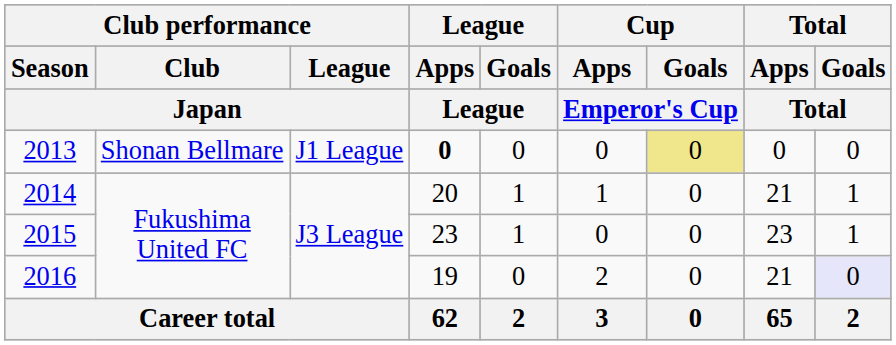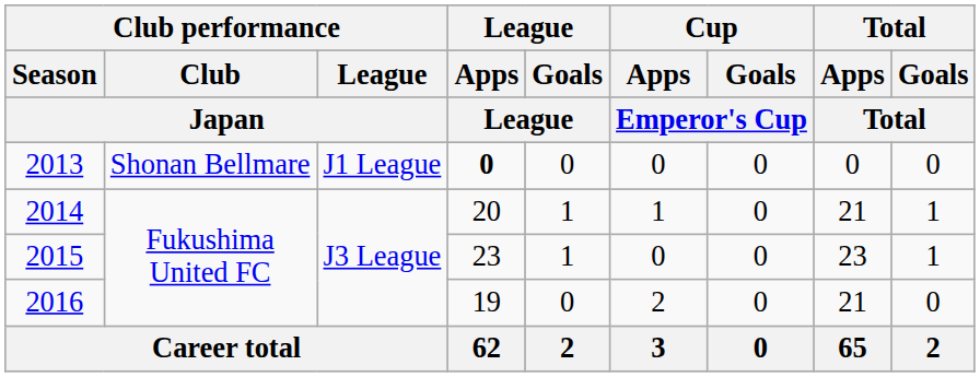 <table class="wikitable" style="text-align:center">
 <tr>
 <th colspan=3>Club performance</th>
 <th colspan=2>League</th>
 <th colspan=2>Cup</th>
 <th colspan=2>Total</th>
 </tr>
 <tr>
 <th>Season</th>
 <th>Club</th>
 <th>League</th>
 <th>Apps</th>
 <th>Goals</th>
 <th>Apps</th>
 <th>Goals</th>
 <th>Apps</th>
 <th>Goals</th>
 </tr>
 <tr>
 <th colspan=3>Japan</th>
 <th colspan=2>League</th>
 <th colspan=2><a href='#'>Emperor's Cup</a></th>
 <th colspan=2>Total</th>
 </tr>
 <tr>
 <td><a href='#'>2013</a></td>
 <td><a href='#'>Shonan Bellmare</a></td>
 <td><a href='#'>J1 League</a></td>
 <td><strong>0</strong></td>
 <td>0</td>
 <td>0</td>
-<td style="background: khaki;">0</td>
+<td>0</td>
 <td>0</td>
 <td>0</td>
 </tr>
 <tr>
 <td><a href='#'>2014</a></td>
 <td rowspan="3"><a href='#'>Fukushima<br>United FC</a></td>
 <td rowspan="3"><a href='#'>J3 League</a></td>
 <td>20</td>
 <td>1</td>
 <td>1</td>
 <td>0</td>
 <td>21</td>
 <td>1</td>
 </tr>
 <tr>
 <td><a href='#'>2015</a></td>
 <td>23</td>
 <td>1</td>
 <td>0</td>
 <td>0</td>
 <td>23</td>
 <td>1</td>
 </tr>
 <tr>
 <td><a href='#'>2016</a></td>
 <td>19</td>
 <td>0</td>
 <td>2</td>
 <td>0</td>
 <td>21</td>
-<td style="background: lavender;">0</td>
+<td>0</td>
 </tr>
 <tr>
 <th colspan=3>Career total</th>
 <th>62</th>
 <th>2</th>
 <th>3</th>
 <th>0</th>
 <th>65</th>
 <th>2</th>
 </tr>
 </table>
